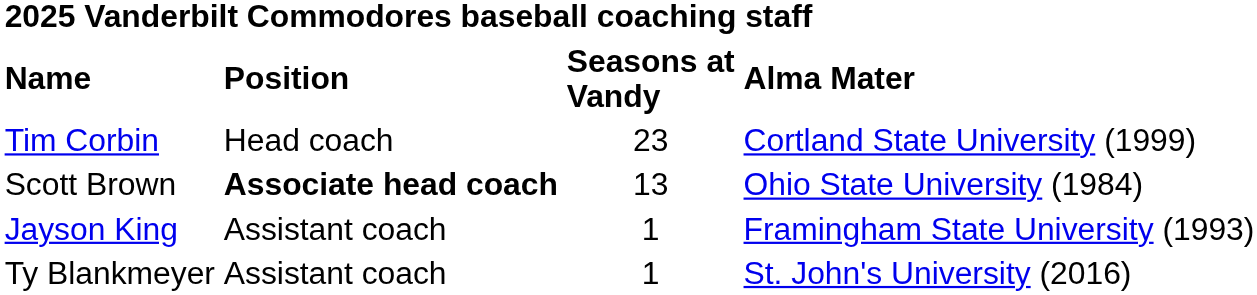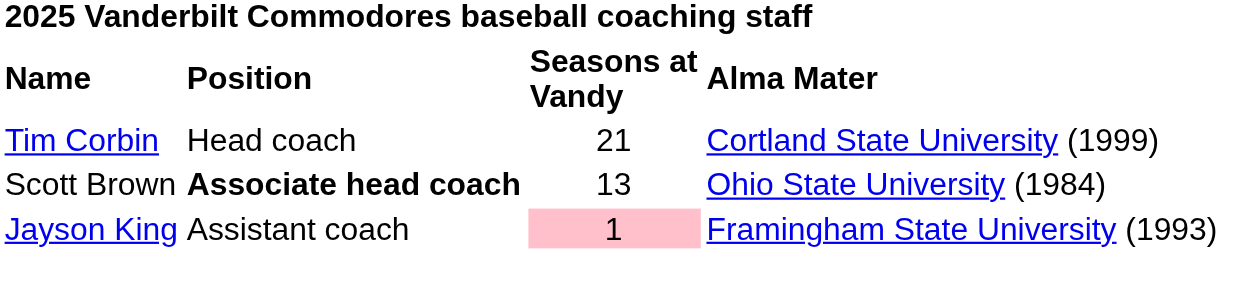 <table class="toccolours" style="text-align: left; font-size:90%;">
 <tr>
 <th colspan="4">2025 Vanderbilt Commodores baseball coaching staff</th>
 </tr>
 <tr>
 <th>Name</th>
 <th>Position</th>
 <th>Seasons at<br>Vandy</th>
 <th>Alma Mater</th>
 </tr>
 <tr>
 <td><a href='#'>Tim Corbin</a></td>
 <td>Head coach</td>
-<td align=center>23</td>
+<td align=center>21</td>
 <td><a href='#'>Cortland State University</a> (1999)</td>
 </tr>
 <tr>
 <td>Scott Brown</td>
 <td><strong>Associate head coach</strong></td>
 <td align=center>13</td>
 <td><a href='#'>Ohio State University</a> (1984)</td>
 </tr>
 <tr>
 <td><a href='#'>Jayson King</a></td>
 <td>Assistant coach</td>
-<td align=center>1</td>
+<td align=center style="background: pink;">1</td>
 <td><a href='#'>Framingham State University</a> (1993)</td>
 </tr>
-<tr>
-<td>Ty Blankmeyer</td>
-<td>Assistant coach</td>
-<td align=center>1</td>
-<td><a href='#'>St. John's University</a> (2016)</td>
-</tr>
 </table>
